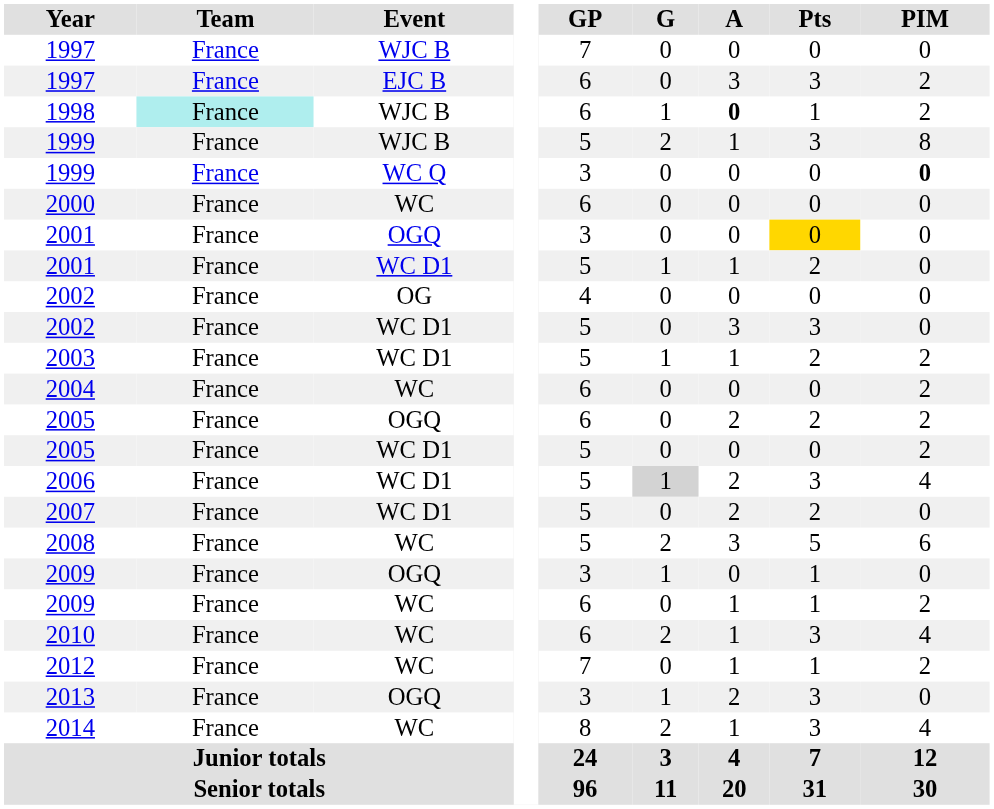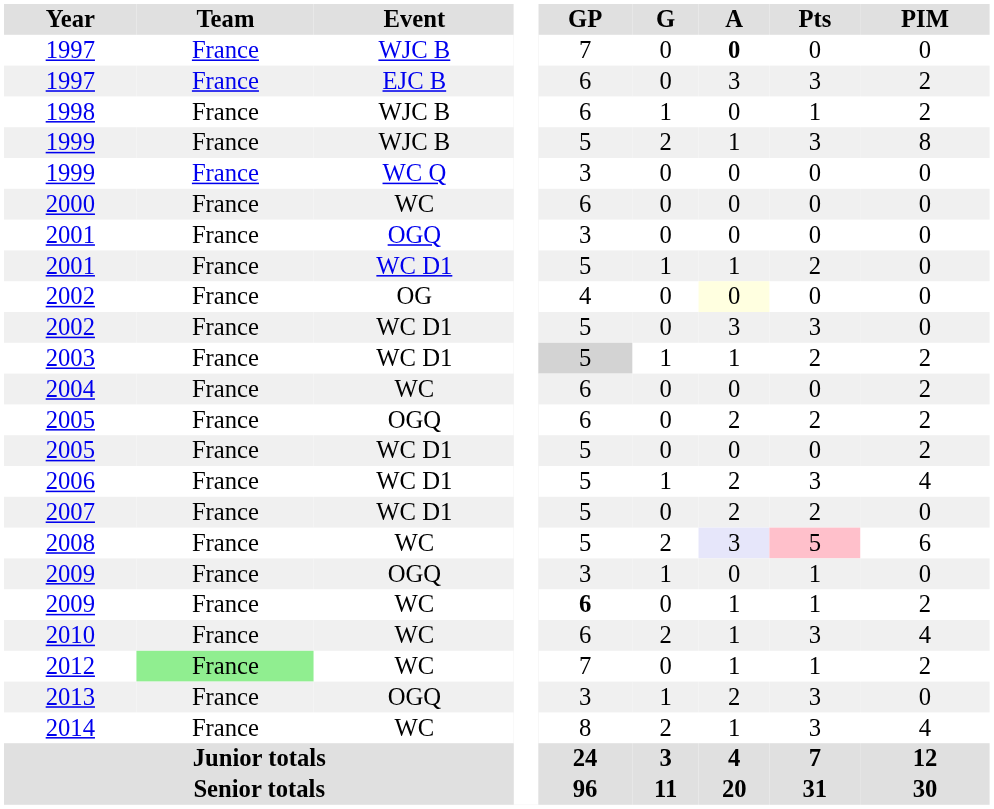 <table border="0" cellpadding="1" cellspacing="0" style="text-align:center; width:40em">
 <tr ALIGN="center" bgcolor="#e0e0e0">
 <th>Year</th>
 <th>Team</th>
 <th>Event</th>
 <th ALIGN="center" rowspan="99" bgcolor="#ffffff"> </th>
 <th>GP</th>
 <th>G</th>
 <th>A</th>
 <th>Pts</th>
 <th>PIM</th>
 </tr>
 <tr>
 <td><a href='#'>1997</a></td>
 <td><a href='#'>France</a></td>
 <td><a href='#'>WJC B</a></td>
 <td>7</td>
 <td>0</td>
-<td>0</td>
+<td><strong>0</strong></td>
 <td>0</td>
 <td>0</td>
 </tr>
 <tr bgcolor="#f0f0f0">
 <td><a href='#'>1997</a></td>
 <td><a href='#'>France</a></td>
 <td><a href='#'>EJC B</a></td>
 <td>6</td>
 <td>0</td>
 <td>3</td>
 <td>3</td>
 <td>2</td>
 </tr>
 <tr>
 <td><a href='#'>1998</a></td>
-<td style="background: paleturquoise;">France</td>
+<td>France</td>
 <td>WJC B</td>
 <td>6</td>
 <td>1</td>
-<td><strong>0</strong></td>
+<td>0</td>
 <td>1</td>
 <td>2</td>
 </tr>
 <tr bgcolor="#f0f0f0">
 <td><a href='#'>1999</a></td>
 <td>France</td>
 <td>WJC B</td>
 <td>5</td>
 <td>2</td>
 <td>1</td>
 <td>3</td>
 <td>8</td>
 </tr>
 <tr>
 <td><a href='#'>1999</a></td>
 <td><a href='#'>France</a></td>
 <td><a href='#'>WC Q</a></td>
 <td>3</td>
 <td>0</td>
 <td>0</td>
 <td>0</td>
-<td><strong>0</strong></td>
+<td>0</td>
 </tr>
 <tr bgcolor="#f0f0f0">
 <td><a href='#'>2000</a></td>
 <td>France</td>
 <td>WC</td>
 <td>6</td>
 <td>0</td>
 <td>0</td>
 <td>0</td>
 <td>0</td>
 </tr>
 <tr>
 <td><a href='#'>2001</a></td>
 <td>France</td>
 <td><a href='#'>OGQ</a></td>
 <td>3</td>
 <td>0</td>
 <td>0</td>
-<td style="background: gold;">0</td>
+<td>0</td>
 <td>0</td>
 </tr>
 <tr bgcolor="#f0f0f0">
 <td><a href='#'>2001</a></td>
 <td>France</td>
 <td><a href='#'>WC D1</a></td>
 <td>5</td>
 <td>1</td>
 <td>1</td>
 <td>2</td>
 <td>0</td>
 </tr>
 <tr>
 <td><a href='#'>2002</a></td>
 <td>France</td>
 <td>OG</td>
 <td>4</td>
 <td>0</td>
-<td>0</td>
+<td style="background: lightyellow;">0</td>
 <td>0</td>
 <td>0</td>
 </tr>
 <tr bgcolor="#f0f0f0">
 <td><a href='#'>2002</a></td>
 <td>France</td>
 <td>WC D1</td>
 <td>5</td>
 <td>0</td>
 <td>3</td>
 <td>3</td>
 <td>0</td>
 </tr>
 <tr>
 <td><a href='#'>2003</a></td>
 <td>France</td>
 <td>WC D1</td>
-<td>5</td>
+<td style="background: lightgrey;">5</td>
 <td>1</td>
 <td>1</td>
 <td>2</td>
 <td>2</td>
 </tr>
 <tr bgcolor="#f0f0f0">
 <td><a href='#'>2004</a></td>
 <td>France</td>
 <td>WC</td>
 <td>6</td>
 <td>0</td>
 <td>0</td>
 <td>0</td>
 <td>2</td>
 </tr>
 <tr>
 <td><a href='#'>2005</a></td>
 <td>France</td>
 <td>OGQ</td>
 <td>6</td>
 <td>0</td>
 <td>2</td>
 <td>2</td>
 <td>2</td>
 </tr>
 <tr bgcolor="#f0f0f0">
 <td><a href='#'>2005</a></td>
 <td>France</td>
 <td>WC D1</td>
 <td>5</td>
 <td>0</td>
 <td>0</td>
 <td>0</td>
 <td>2</td>
 </tr>
 <tr>
 <td><a href='#'>2006</a></td>
 <td>France</td>
 <td>WC D1</td>
 <td>5</td>
-<td style="background: lightgrey;">1</td>
+<td>1</td>
 <td>2</td>
 <td>3</td>
 <td>4</td>
 </tr>
 <tr bgcolor="#f0f0f0">
 <td><a href='#'>2007</a></td>
 <td>France</td>
 <td>WC D1</td>
 <td>5</td>
 <td>0</td>
 <td>2</td>
 <td>2</td>
 <td>0</td>
 </tr>
 <tr>
 <td><a href='#'>2008</a></td>
 <td>France</td>
 <td>WC</td>
 <td>5</td>
 <td>2</td>
-<td>3</td>
-<td>5</td>
+<td style="background: lavender;">3</td>
+<td style="background: pink;">5</td>
 <td>6</td>
 </tr>
 <tr bgcolor="#f0f0f0">
 <td><a href='#'>2009</a></td>
 <td>France</td>
 <td>OGQ</td>
 <td>3</td>
 <td>1</td>
 <td>0</td>
 <td>1</td>
 <td>0</td>
 </tr>
 <tr>
 <td><a href='#'>2009</a></td>
 <td>France</td>
 <td>WC</td>
-<td>6</td>
+<td><strong>6</strong></td>
 <td>0</td>
 <td>1</td>
 <td>1</td>
 <td>2</td>
 </tr>
 <tr bgcolor="#f0f0f0">
 <td><a href='#'>2010</a></td>
 <td>France</td>
 <td>WC</td>
 <td>6</td>
 <td>2</td>
 <td>1</td>
 <td>3</td>
 <td>4</td>
 </tr>
 <tr>
 <td><a href='#'>2012</a></td>
-<td>France</td>
+<td style="background: lightgreen;">France</td>
 <td>WC</td>
 <td>7</td>
 <td>0</td>
 <td>1</td>
 <td>1</td>
 <td>2</td>
 </tr>
 <tr bgcolor="#f0f0f0">
 <td><a href='#'>2013</a></td>
 <td>France</td>
 <td>OGQ</td>
 <td>3</td>
 <td>1</td>
 <td>2</td>
 <td>3</td>
 <td>0</td>
 </tr>
 <tr>
 <td><a href='#'>2014</a></td>
 <td>France</td>
 <td>WC</td>
 <td>8</td>
 <td>2</td>
 <td>1</td>
 <td>3</td>
 <td>4</td>
 </tr>
 <tr bgcolor="#e0e0e0">
 <th colspan="3">Junior totals</th>
 <th>24</th>
 <th>3</th>
 <th>4</th>
 <th>7</th>
 <th>12</th>
 </tr>
 <tr bgcolor="#e0e0e0">
 <th colspan="3">Senior totals</th>
 <th>96</th>
 <th>11</th>
 <th>20</th>
 <th>31</th>
 <th>30</th>
 </tr>
 </table>
